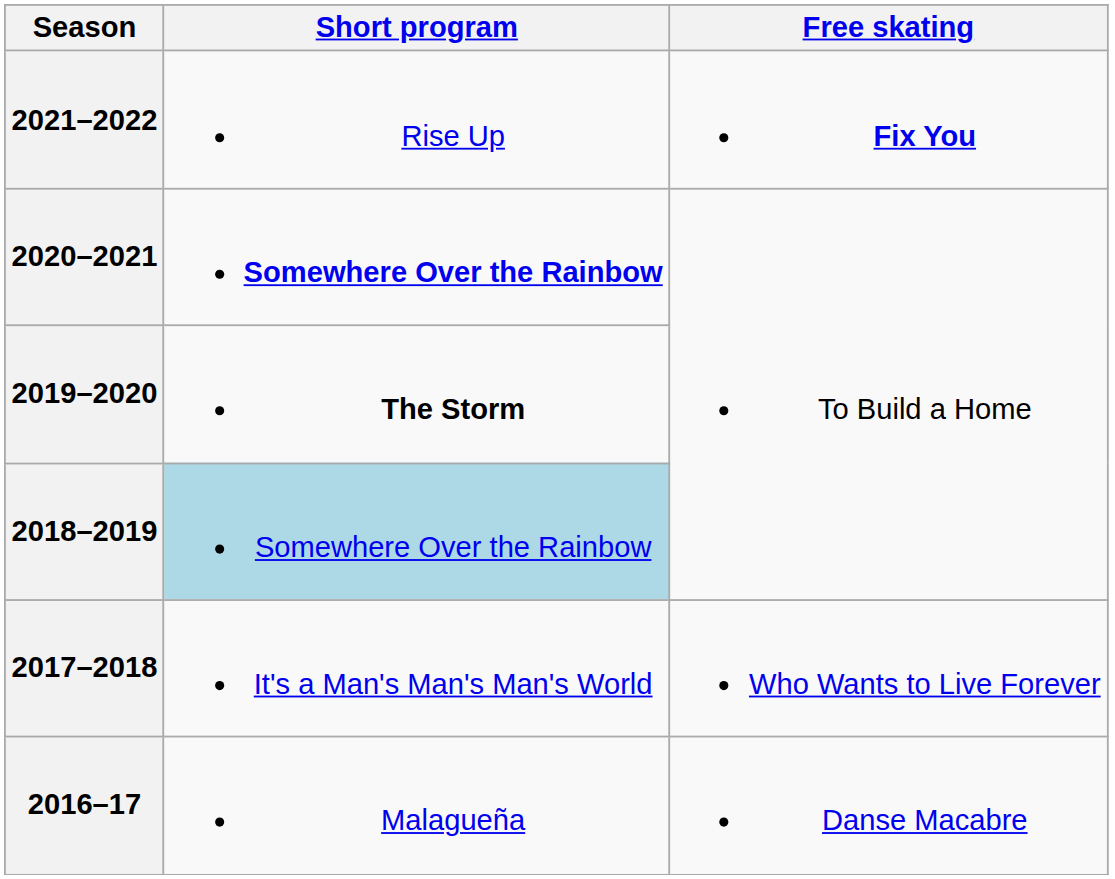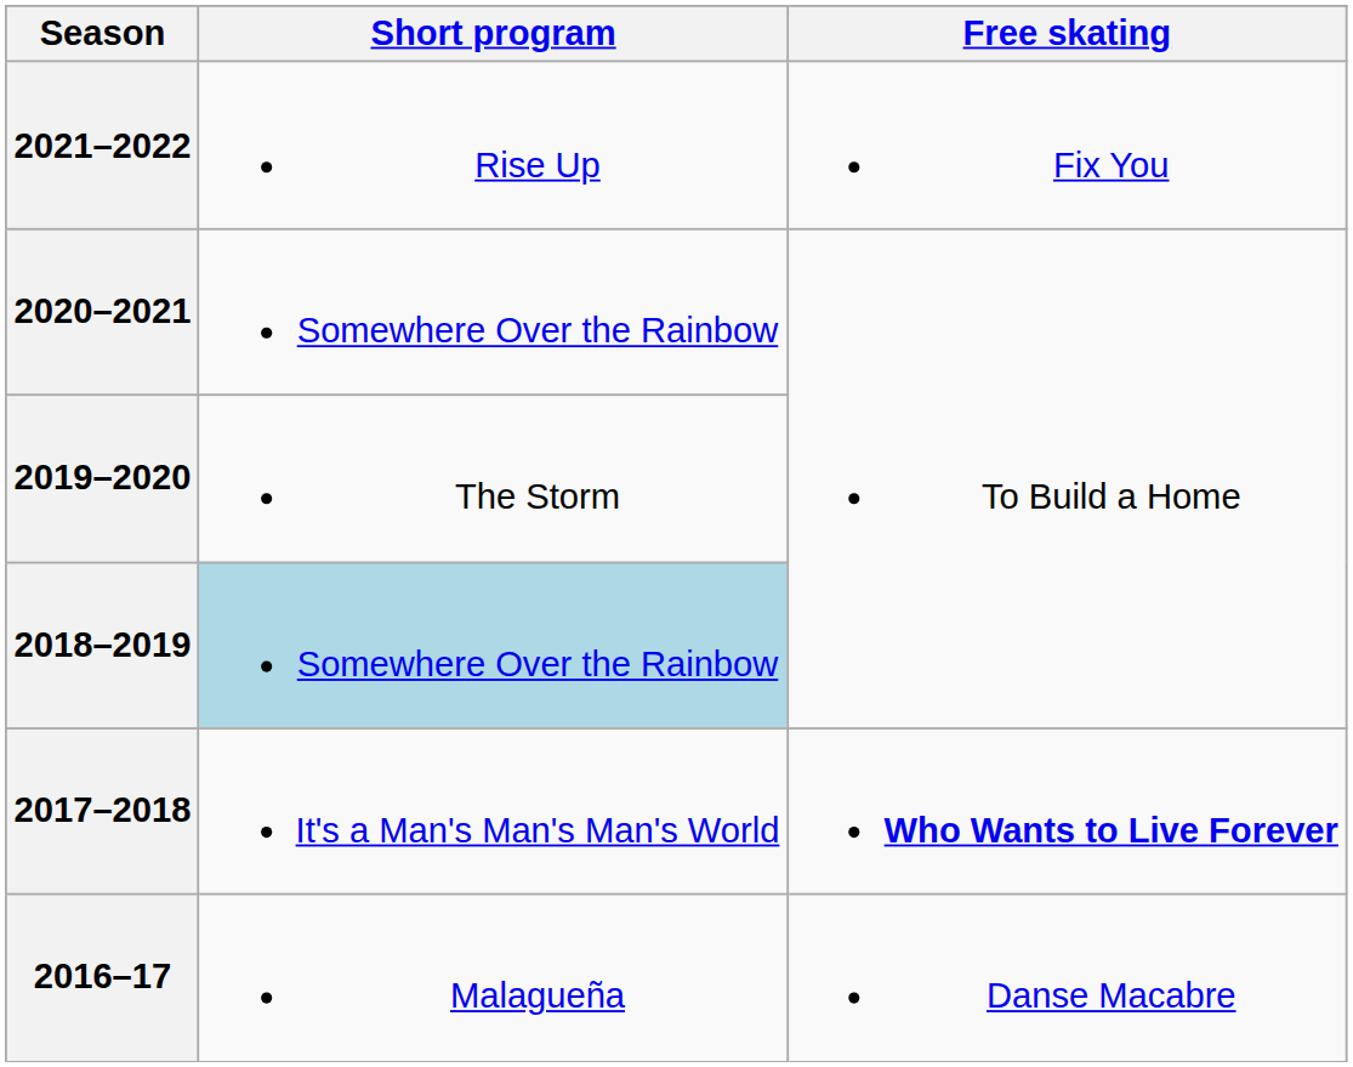 <table class="wikitable" style="text-align:center">
 <tr>
 <th>Season</th>
 <th><a href='#'>Short program</a></th>
 <th><a href='#'>Free skating</a></th>
 </tr>
 <tr>
 <th>2021–2022 <br></th>
 <td><br><ul><li><a href='#'>Rise Up</a> <br></li></ul></td>
-<td><strong><br><ul><li><a href='#'>Fix You</a> <br></li></ul></strong></td>
+<td><br><ul><li><a href='#'>Fix You</a> <br></li></ul></td>
 </tr>
 <tr>
 <th>2020–2021 <br></th>
-<td><strong><br><ul><li><a href='#'>Somewhere Over the Rainbow</a> <br></li></ul></strong></td>
+<td><br><ul><li><a href='#'>Somewhere Over the Rainbow</a> <br></li></ul></td>
 <td rowspan=3><br><ul><li>To Build a Home <br></li></ul></td>
 </tr>
 <tr>
 <th>2019–2020 <br></th>
-<td><strong><br><ul><li>The Storm <br></li></ul></strong></td>
+<td><br><ul><li>The Storm <br></li></ul></td>
 </tr>
 <tr>
 <th>2018–2019 <br></th>
 <td style="background: lightblue;"><br><ul><li><a href='#'>Somewhere Over the Rainbow</a> <br></li></ul></td>
 </tr>
 <tr>
 <th>2017–2018 <br></th>
 <td><br><ul><li><a href='#'>It's a Man's Man's Man's World</a> <br></li></ul></td>
-<td><br><ul><li><a href='#'>Who Wants to Live Forever</a> <br></li></ul></td>
+<td><strong><br><ul><li><a href='#'>Who Wants to Live Forever</a> <br></li></ul></strong></td>
 </tr>
 <tr>
 <th>2016–17 <br></th>
 <td><br><ul><li><a href='#'>Malagueña</a> <br></li></ul></td>
 <td><br><ul><li><a href='#'>Danse Macabre</a> <br></li></ul></td>
 </tr>
 </table>
